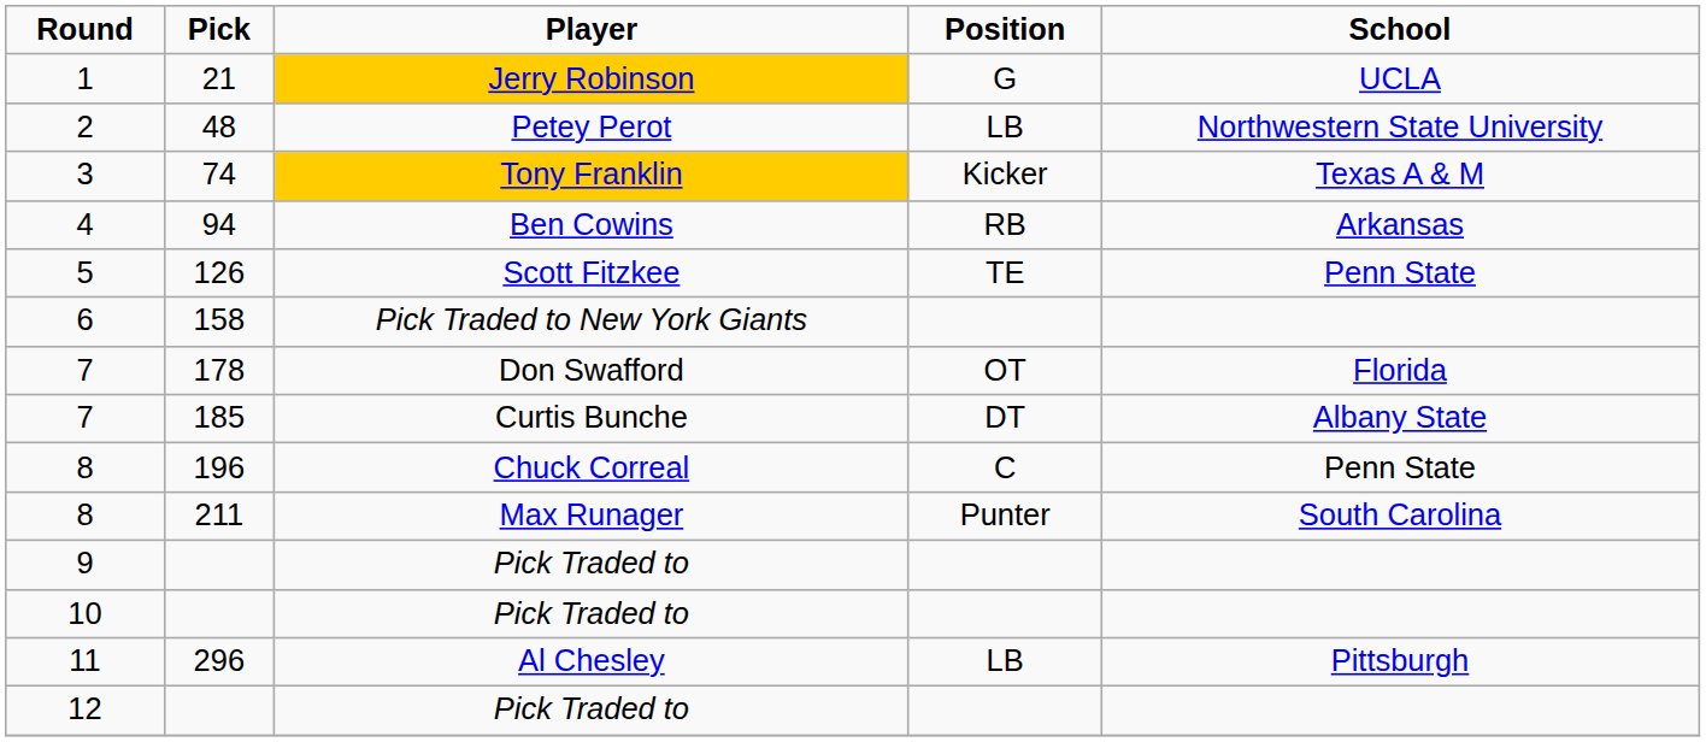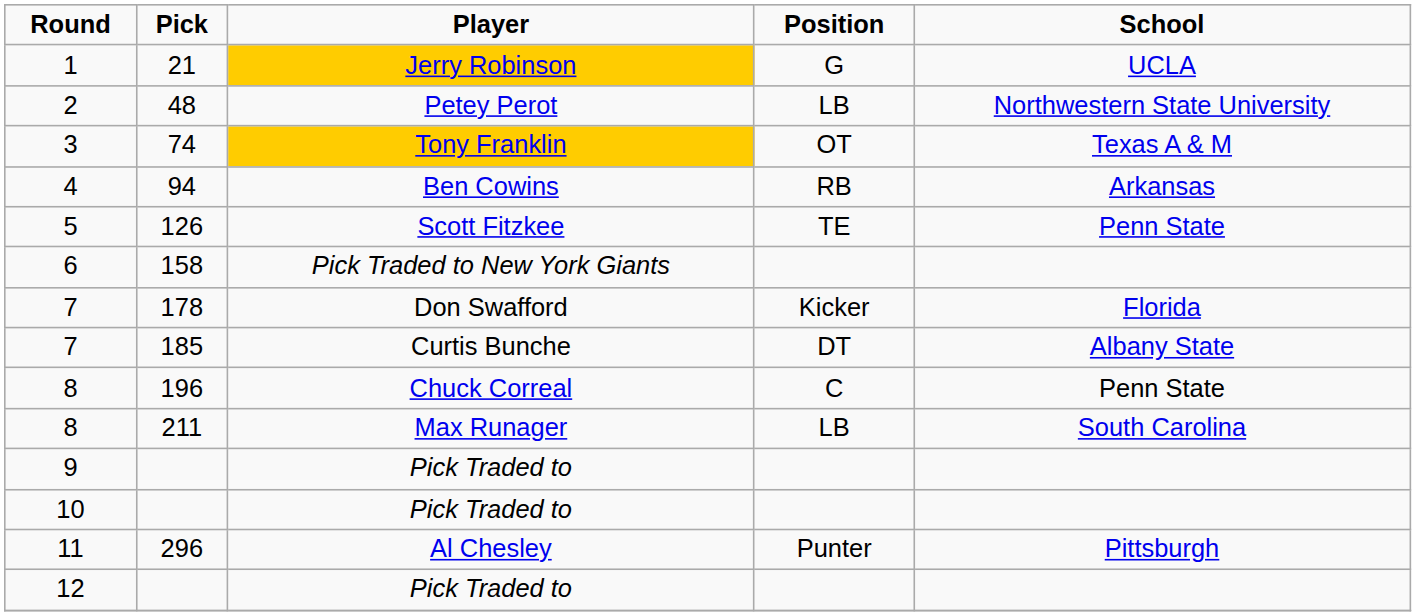 <table class="wikitable" width="70%">
 <tr align="center">
 <td><strong>Round</strong></td>
 <td><strong>Pick</strong></td>
 <td><strong>Player</strong></td>
 <td><strong>Position</strong></td>
 <td><strong>School</strong></td>
 </tr>
 <tr align="center" bgcolor="">
 <td>1</td>
 <td>21</td>
 <td bgcolor="#FFCC00"><a href='#'>Jerry Robinson</a></td>
 <td>G</td>
 <td><a href='#'>UCLA</a></td>
 </tr>
 <tr align="center" bgcolor="">
 <td>2</td>
 <td>48</td>
 <td><a href='#'>Petey Perot</a></td>
 <td>LB</td>
 <td><a href='#'>Northwestern State University</a></td>
 </tr>
 <tr align="center" bgcolor="">
 <td>3</td>
 <td>74</td>
 <td bgcolor="#FFCC00"><a href='#'>Tony Franklin</a></td>
-<td>Kicker</td>
+<td>OT</td>
 <td><a href='#'>Texas A & M</a></td>
 </tr>
 <tr align="center" bgcolor="">
 <td>4</td>
 <td>94</td>
 <td><a href='#'>Ben Cowins</a></td>
 <td>RB</td>
 <td><a href='#'>Arkansas</a></td>
 </tr>
 <tr align="center" bgcolor="">
 <td>5</td>
 <td>126</td>
 <td><a href='#'>Scott Fitzkee</a></td>
 <td>TE</td>
 <td><a href='#'>Penn State</a></td>
 </tr>
 <tr align="center" bgcolor="">
 <td>6</td>
 <td>158</td>
 <td><em>Pick Traded to New York Giants</em></td>
 <td></td>
 <td></td>
 </tr>
 <tr align="center" bgcolor="">
 <td>7</td>
 <td>178</td>
 <td>Don Swafford</td>
-<td>OT</td>
+<td>Kicker</td>
 <td><a href='#'>Florida</a></td>
 </tr>
 <tr align="center" bgcolor="">
 <td>7</td>
 <td>185</td>
 <td>Curtis Bunche</td>
 <td>DT</td>
 <td><a href='#'>Albany State</a></td>
 </tr>
 <tr align="center" bgcolor="">
 <td>8</td>
 <td>196</td>
 <td><a href='#'>Chuck Correal</a></td>
 <td>C</td>
 <td>Penn State</td>
 </tr>
 <tr align="center" bgcolor="">
 <td>8</td>
 <td>211</td>
 <td><a href='#'>Max Runager</a></td>
-<td>Punter</td>
+<td>LB</td>
 <td><a href='#'>South Carolina</a></td>
 </tr>
 <tr align="center" bgcolor="">
 <td>9</td>
 <td></td>
 <td><em>Pick Traded to</em></td>
 <td></td>
 <td></td>
 </tr>
 <tr align="center" bgcolor="">
 <td>10</td>
 <td></td>
 <td><em>Pick Traded to</em></td>
 <td></td>
 <td></td>
 </tr>
 <tr align="center" bgcolor="">
 <td>11</td>
 <td>296</td>
 <td><a href='#'>Al Chesley</a></td>
-<td>LB</td>
+<td>Punter</td>
 <td><a href='#'>Pittsburgh</a></td>
 </tr>
 <tr align="center" bgcolor="">
 <td>12</td>
 <td></td>
 <td><em>Pick Traded to</em></td>
 <td></td>
 <td></td>
 </tr>
 <tr align="center" bgcolor="">
 </tr>
 </table>
